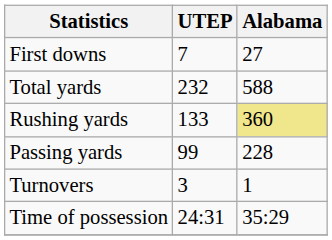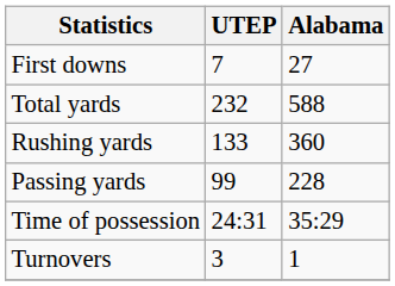 <table class="wikitable" style="float: left;">
 <tr>
 <th>Statistics</th>
 <th>UTEP</th>
 <th>Alabama</th>
 </tr>
 <tr>
 <td>First downs</td>
 <td>7</td>
 <td>27</td>
 </tr>
 <tr>
 <td>Total yards</td>
 <td>232</td>
 <td>588</td>
 </tr>
 <tr>
 <td>Rushing yards</td>
 <td>133</td>
-<td style="background: khaki;">360</td>
+<td>360</td>
 </tr>
 <tr>
 <td>Passing yards</td>
 <td>99</td>
 <td>228</td>
 </tr>
 <tr>
+<td>Time of possession</td>
+<td>24:31</td>
+<td>35:29</td>
+</tr>
+<tr>
 <td>Turnovers</td>
 <td>3</td>
 <td>1</td>
 </tr>
 <tr>
-<td>Time of possession</td>
-<td>24:31</td>
-<td>35:29</td>
-</tr>
-<tr>
 </tr>
 </table>
